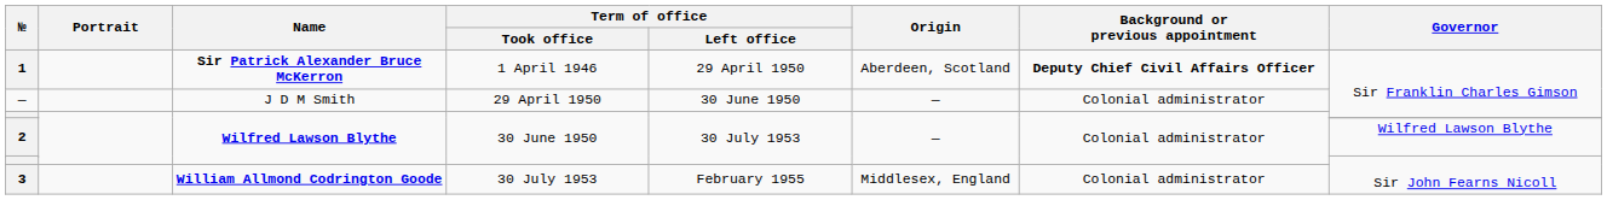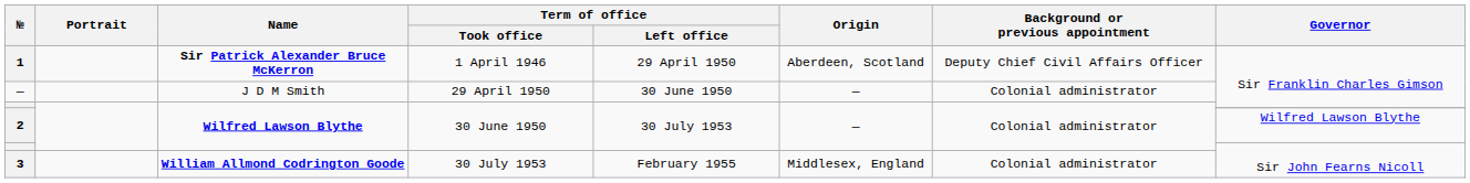 <table class=wikitable style=text-align:center width=1500px>
 <tr>
 <th rowspan=2 width=25px><strong>№</strong></th>
 <th rowspan=2 width=120px>Portrait</th>
 <th rowspan=2 width=250px>Name<br></th>
 <th colspan=2 width=350px>Term of office</th>
 <th rowspan=2>Origin</th>
 <th rowspan=2>Background or<br>previous appointment</th>
 <th rowspan=2 width=250px><a href='#'>Governor</a><br></th>
 </tr>
 <tr>
 <th>Took office</th>
 <th>Left office</th>
 </tr>
 <tr>
 <th>1</th>
 <td></td>
 <td><strong>Sir <a href='#'>Patrick Alexander Bruce McKerron</a></strong><br></td>
 <td>1 April 1946</td>
 <td>29 April 1950</td>
 <td>Aberdeen, Scotland</td>
-<td><strong>Deputy Chief Civil Affairs Officer</strong></td>
+<td>Deputy Chief Civil Affairs Officer</td>
 <td rowspan=3><br>Sir <a href='#'>Franklin Charles Gimson</a><br></td>
 </tr>
 <tr>
 <td>—</td>
 <td></td>
 <td>J D M Smith<br></td>
 <td>29 April 1950<br></td>
 <td>30 June 1950<br></td>
 <td>—</td>
 <td>Colonial administrator</td>
 </tr>
 <tr>
 <th></th>
 <td rowspan=5></td>
 <td rowspan=5><strong><a href='#'>Wilfred Lawson Blythe</a></strong><br></td>
 <td rowspan=5>30 June 1950</td>
 <td rowspan=5>30 July 1953</td>
 <td rowspan=5>—</td>
 <td rowspan=5>Colonial administrator</td>
 </tr>
 <tr>
 <th rowspan=3>2</th>
 </tr>
 <tr>
 <td><a href='#'>Wilfred Lawson Blythe</a><br><br><em></em></td>
 </tr>
 <tr>
 <td rowspan=3><br>Sir <a href='#'>John Fearns Nicoll</a><br></td>
 </tr>
 <tr>
 <th></th>
 </tr>
 <tr>
 <th>3</th>
 <td></td>
 <td><strong><a href='#'>William Allmond Codrington Goode</a></strong><br></td>
 <td>30 July 1953</td>
 <td>February 1955</td>
 <td>Middlesex, England</td>
 <td>Colonial administrator</td>
 </tr>
 </table>
